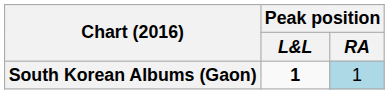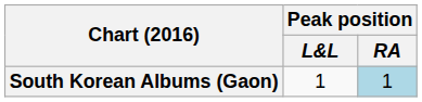 <table class="wikitable sortable plainrowheaders" style="text-align:center">
 <tr>
 <th scope="col" rowspan="2">Chart (2016)</th>
 <th scope="col" colspan="2">Peak position</th>
 </tr>
 <tr>
 <th><em>L&L</em></th>
 <th><em>RA</em></th>
 </tr>
 <tr>
 <th scope="row">South Korean Albums (Gaon)</th>
-<td><strong>1</strong></td>
+<td>1</td>
 <td style="background: lightblue;">1</td>
 </tr>
 </table>
